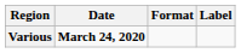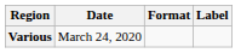 <table class="wikitable plainrowheaders">
 <tr>
 <th>Region</th>
 <th>Date</th>
 <th>Format</th>
 <th>Label</th>
 </tr>
 <tr>
 <th scope="row">Various</th>
-<td><strong>March 24, 2020</strong></td>
+<td>March 24, 2020</td>
 <td></td>
 <td rowspan="2"></td>
 </tr>
 </table>
